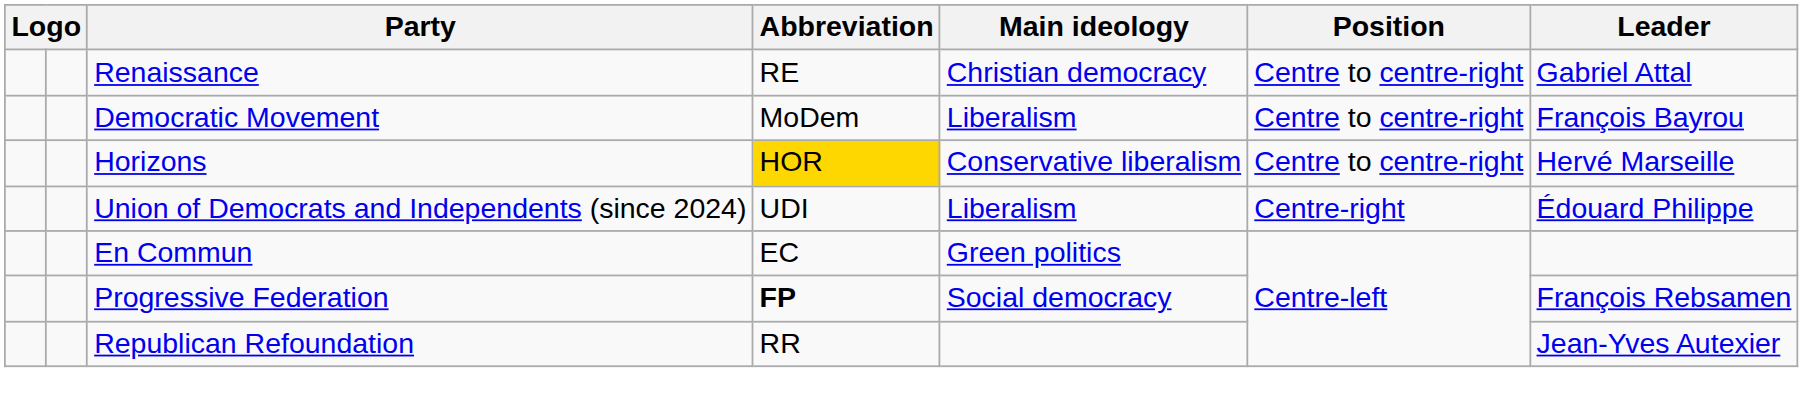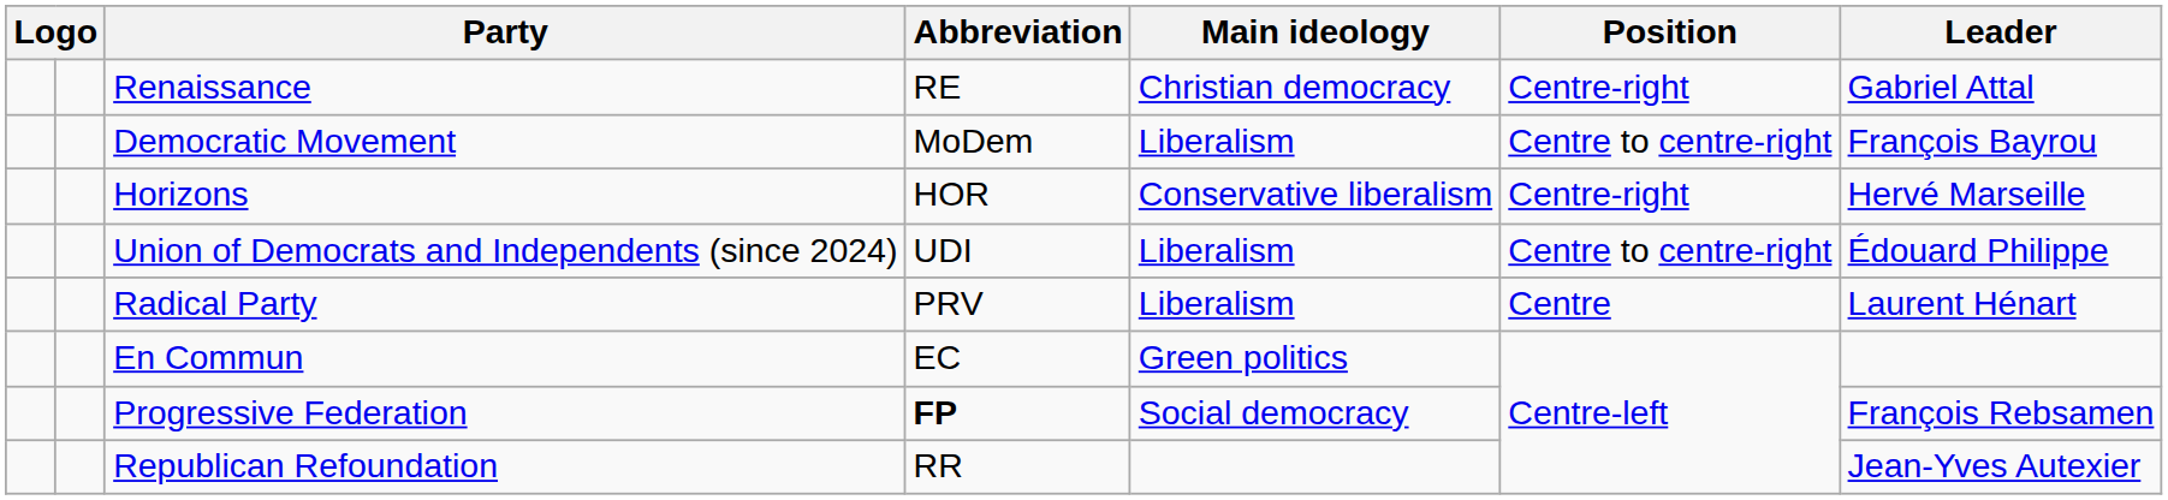 <table class="wikitable" style="font-size:100%">
 <tr>
 <th colspan=2>Logo</th>
 <th>Party</th>
 <th>Abbreviation</th>
 <th>Main ideology</th>
 <th>Position</th>
 <th>Leader</th>
 </tr>
 <tr>
 <td style="background-color: "></td>
 <td></td>
 <td><a href='#'>Renaissance</a></td>
 <td>RE</td>
 <td><a href='#'>Christian democracy</a></td>
-<td><a href='#'>Centre</a> to <a href='#'>centre-right</a></td>
+<td><a href='#'>Centre-right</a></td>
 <td><a href='#'>Gabriel Attal</a></td>
 </tr>
 <tr>
 <td style="background-color: "></td>
 <td></td>
 <td><a href='#'>Democratic Movement</a></td>
 <td>MoDem</td>
 <td><a href='#'>Liberalism</a></td>
 <td><a href='#'>Centre</a> to <a href='#'>centre-right</a></td>
 <td><a href='#'>François Bayrou</a></td>
 </tr>
 <tr>
 <td style="background-color: "></td>
 <td></td>
 <td><a href='#'>Horizons</a></td>
-<td style="background: gold;">HOR</td>
+<td>HOR</td>
 <td><a href='#'>Conservative liberalism</a></td>
-<td><a href='#'>Centre</a> to <a href='#'>centre-right</a></td>
+<td><a href='#'>Centre-right</a></td>
 <td><a href='#'>Hervé Marseille</a></td>
 </tr>
 <tr>
 <td style="background-color: "></td>
 <td></td>
 <td><a href='#'>Union of Democrats and Independents</a> (since 2024)</td>
 <td>UDI</td>
 <td><a href='#'>Liberalism</a></td>
-<td><a href='#'>Centre-right</a></td>
+<td><a href='#'>Centre</a> to <a href='#'>centre-right</a></td>
 <td><a href='#'>Édouard Philippe</a></td>
+</tr>
+<tr>
+<td style="background-color: "></td>
+<td></td>
+<td><a href='#'>Radical Party</a></td>
+<td>PRV</td>
+<td><a href='#'>Liberalism</a></td>
+<td><a href='#'>Centre</a></td>
+<td><a href='#'>Laurent Hénart</a></td>
 </tr>
 <tr>
 <td style="background-color: "></td>
 <td></td>
 <td><a href='#'>En Commun</a></td>
 <td>EC</td>
 <td><a href='#'>Green politics</a></td>
 <td rowspan="3"><a href='#'>Centre-left</a></td>
 <td></td>
 </tr>
 <tr>
 <td style="background-color: "></td>
 <td></td>
 <td><a href='#'>Progressive Federation</a></td>
 <td><strong>FP</strong></td>
 <td><a href='#'>Social democracy</a></td>
 <td><a href='#'>François Rebsamen</a></td>
 </tr>
 <tr>
 <td style="background-color: "></td>
 <td></td>
 <td><a href='#'>Republican Refoundation</a></td>
 <td>RR</td>
 <td></td>
 <td><a href='#'>Jean-Yves Autexier</a></td>
 </tr>
 </table>
